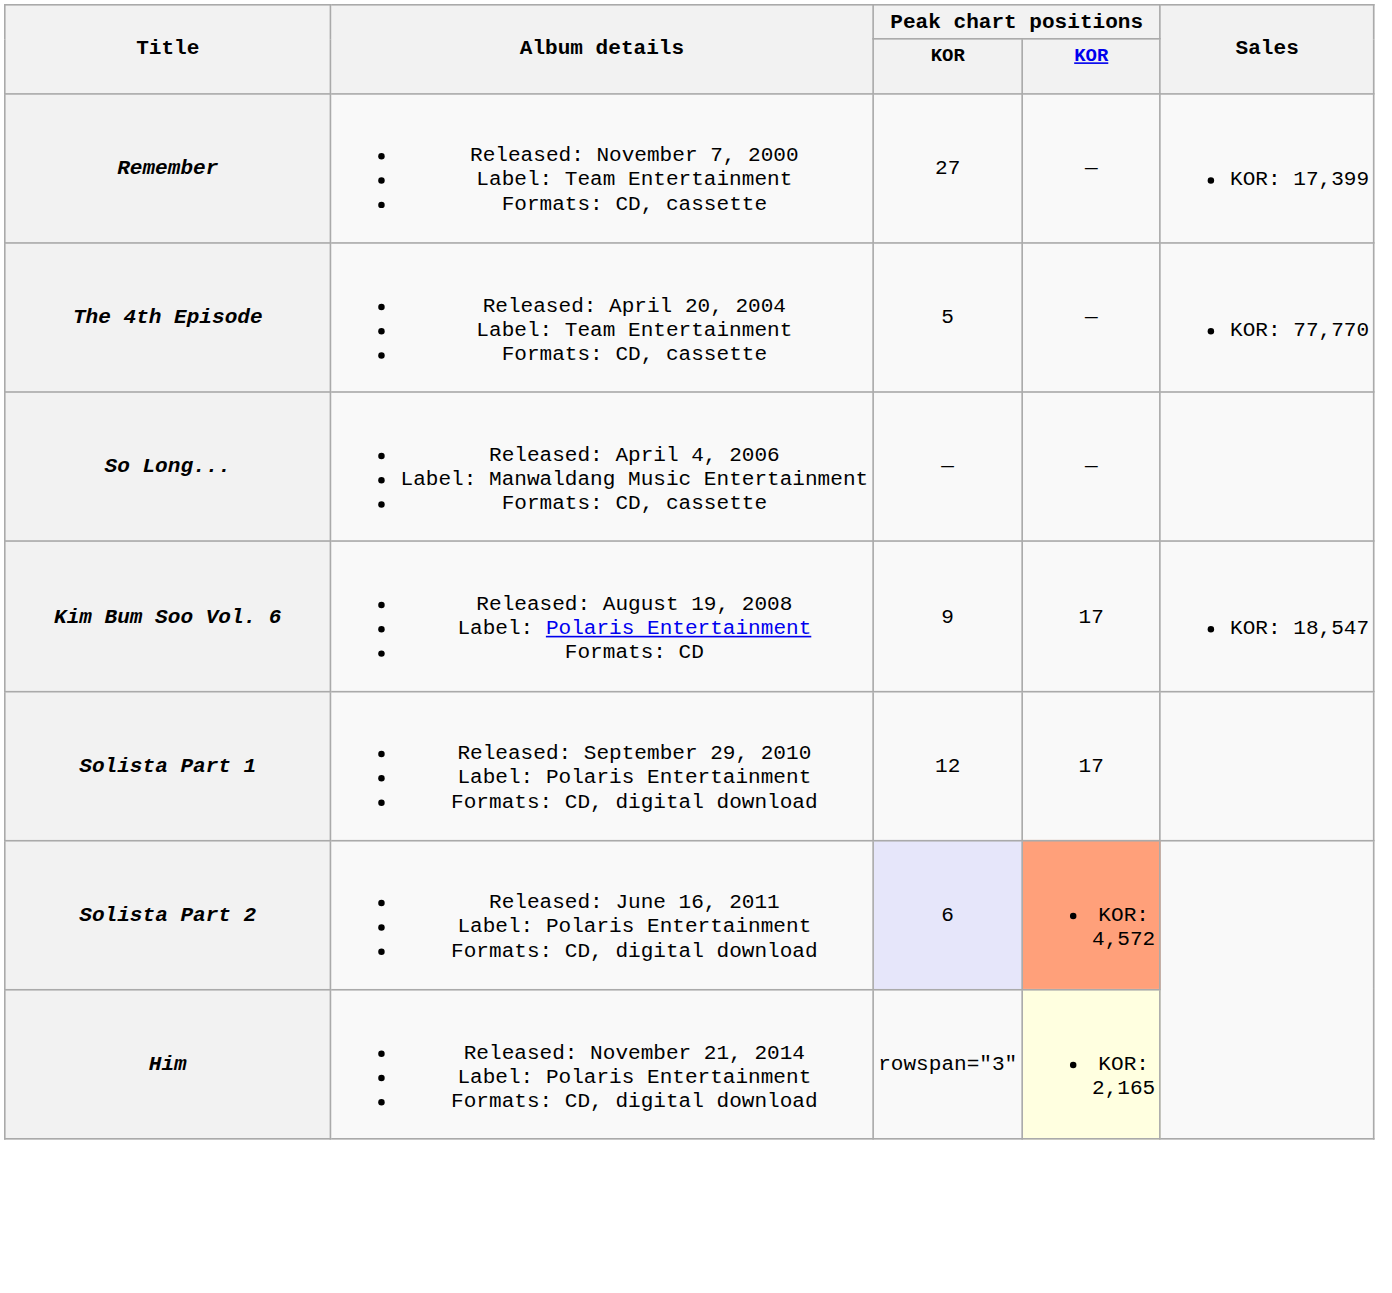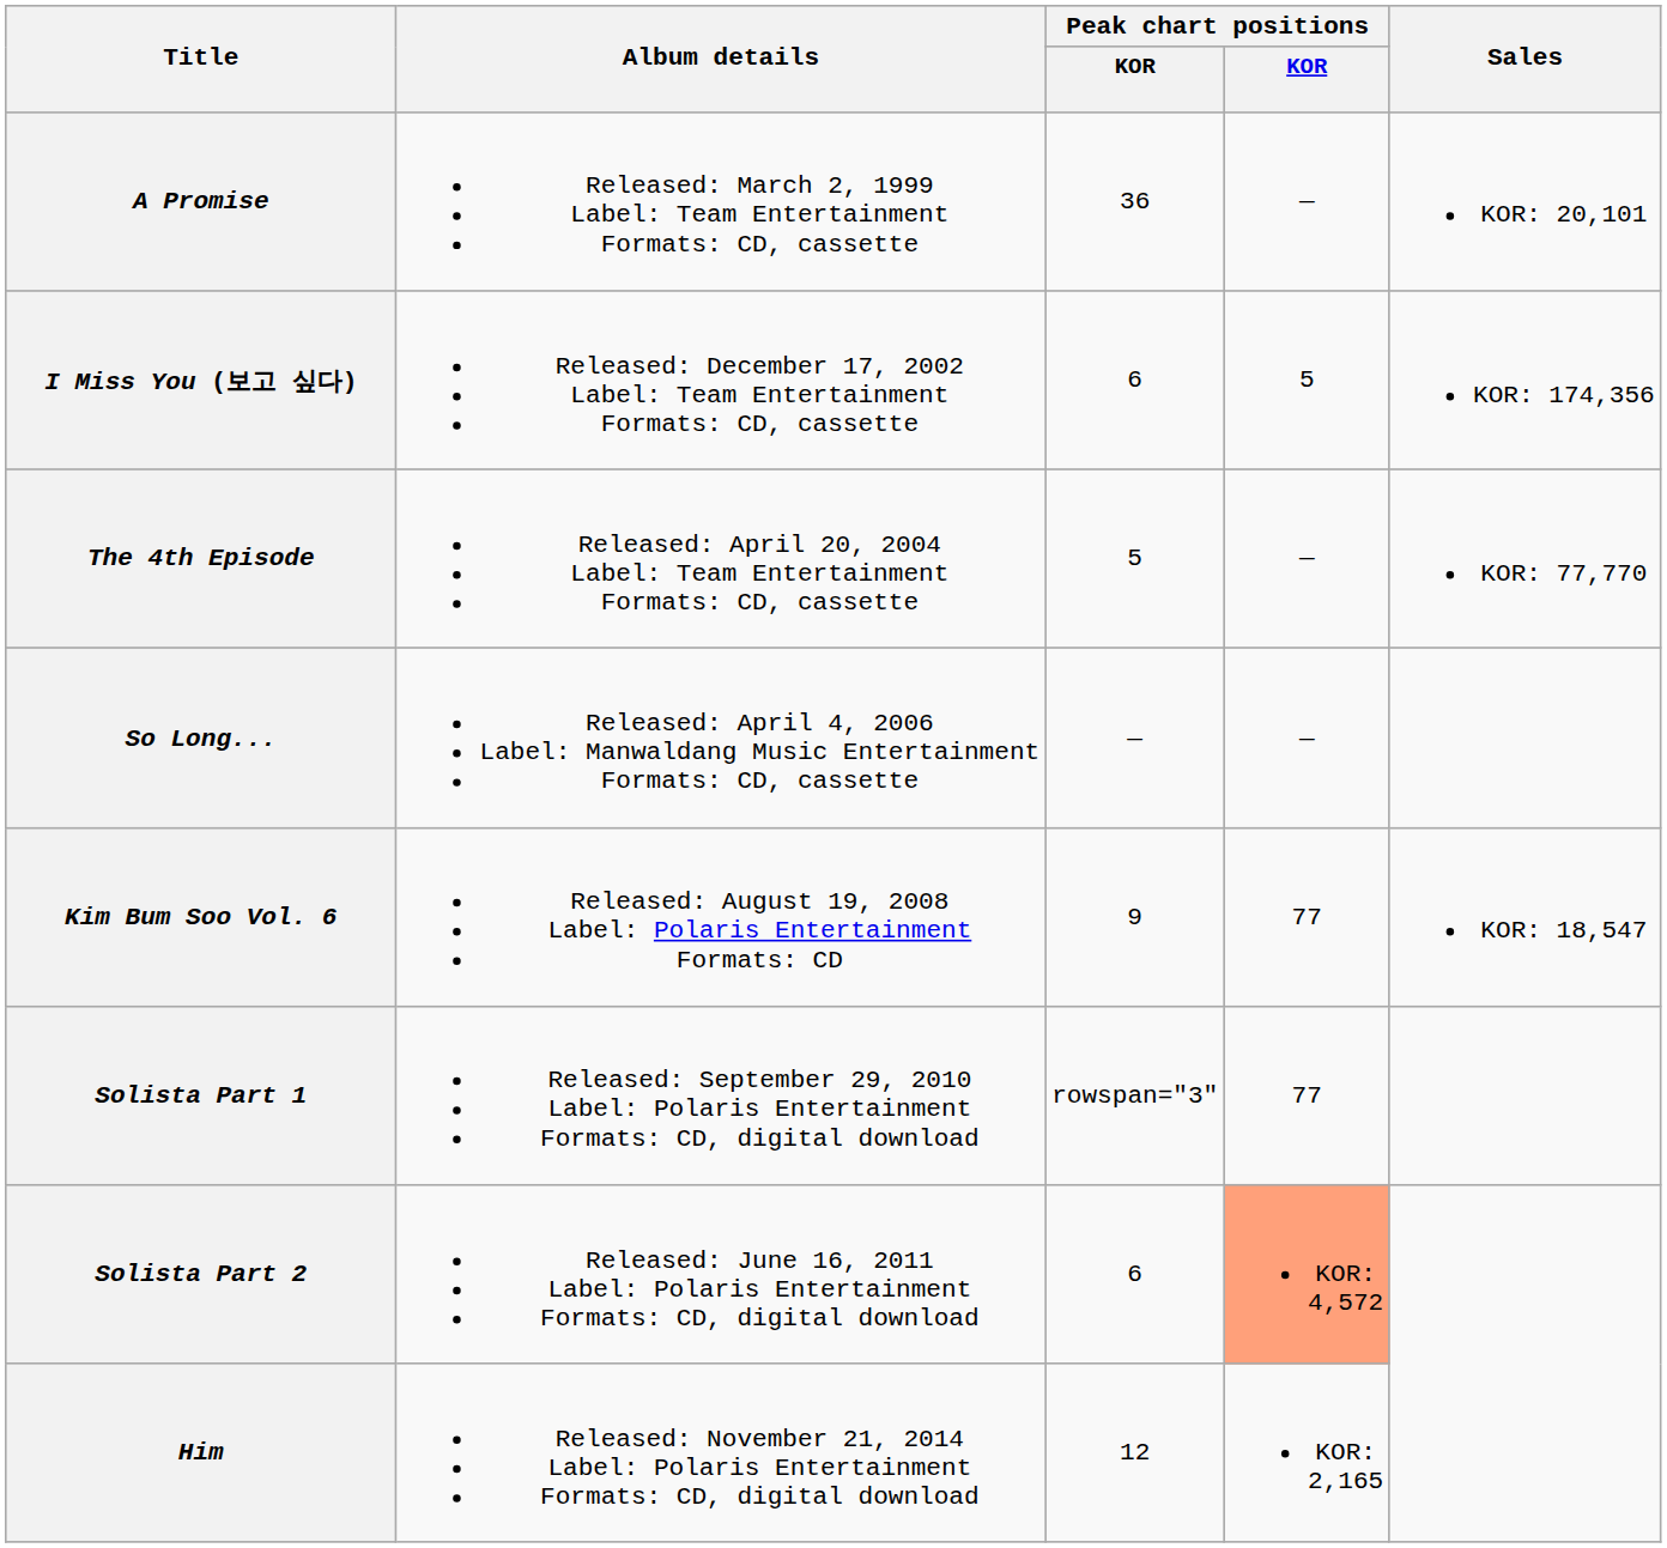 <table class="wikitable plainrowheaders" style="text-align:center;">
 <tr>
 <th rowspan="2" scope="col" style="width:15em;">Title</th>
 <th rowspan="2" scope="col">Album details</th>
 <th colspan="2" scope="col">Peak chart positions</th>
 <th rowspan="2" scope="col">Sales</th>
 </tr>
 <tr>
 <th scope="col" style="width:2.5em;font-size:90%;">KOR<br><br></th>
 <th scope="col" style="width:2.5em;font-size:90%;"><a href='#'>KOR<br></a><br></th>
 </tr>
 <tr>
-<th scope="row"><em>Remember</em></th>
-<td><br><ul><li>Released: November 7, 2000</li><li>Label: Team Entertainment</li><li>Formats: CD, cassette</li></ul></td>
-<td>27</td>
+<th scope="row"><em>A Promise</em></th>
+<td><br><ul><li>Released: March 2, 1999</li><li>Label: Team Entertainment</li><li>Formats: CD, cassette</li></ul></td>
+<td>36</td>
 <td>—</td>
-<td><br><ul><li>KOR: 17,399</li></ul></td>
+<td><br><ul><li>KOR: 20,101</li></ul></td>
+</tr>
+<tr>
+<th scope="row"><em>I Miss You</em> (보고 싶다)</th>
+<td><br><ul><li>Released: December 17, 2002</li><li>Label: Team Entertainment</li><li>Formats: CD, cassette</li></ul></td>
+<td>6</td>
+<td>5</td>
+<td><br><ul><li>KOR: 174,356</li></ul></td>
 </tr>
 <tr>
 <th scope="row"><em>The 4th Episode</em></th>
 <td><br><ul><li>Released: April 20, 2004</li><li>Label: Team Entertainment</li><li>Formats: CD, cassette</li></ul></td>
 <td>5</td>
 <td>—</td>
 <td><br><ul><li>KOR: 77,770</li></ul></td>
 </tr>
 <tr>
 <th scope="row"><em>So Long...</em></th>
 <td><br><ul><li>Released: April 4, 2006</li><li>Label: Manwaldang Music Entertainment</li><li>Formats: CD, cassette</li></ul></td>
 <td>—</td>
 <td>—</td>
 <td></td>
 </tr>
 <tr>
 <th scope="row"><em>Kim Bum Soo Vol. 6</em></th>
 <td><br><ul><li>Released: August 19, 2008</li><li>Label: <a href='#'>Polaris Entertainment</a></li><li>Formats: CD</li></ul></td>
 <td>9</td>
-<td>17</td>
+<td>77</td>
 <td><br><ul><li>KOR: 18,547</li></ul></td>
 </tr>
 <tr>
 <th scope="row"><em>Solista Part 1</em></th>
 <td><br><ul><li>Released: September 29, 2010</li><li>Label: Polaris Entertainment</li><li>Formats: CD, digital download</li></ul></td>
-<td>12</td>
-<td>17</td>
+<td>rowspan="3" </td>
+<td>77</td>
 <td></td>
 </tr>
 <tr>
 <th scope="row"><em>Solista Part 2</em></th>
 <td><br><ul><li>Released: June 16, 2011</li><li>Label: Polaris Entertainment</li><li>Formats: CD, digital download</li></ul></td>
-<td style="background: lavender;">6</td>
+<td>6</td>
 <td style="background: lightsalmon;"><br><ul><li>KOR: 4,572</li></ul></td>
 </tr>
 <tr>
 <th scope="row"><em>Him</em></th>
 <td><br><ul><li>Released: November 21, 2014</li><li>Label: Polaris Entertainment</li><li>Formats: CD, digital download</li></ul></td>
-<td>rowspan="3" </td>
-<td style="background: lightyellow;"><br><ul><li>KOR: 2,165</li></ul></td>
+<td>12</td>
+<td><br><ul><li>KOR: 2,165</li></ul></td>
 </tr>
 </table>
